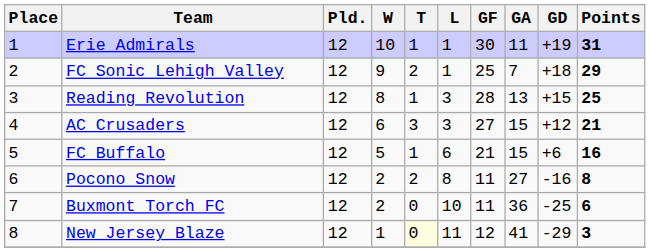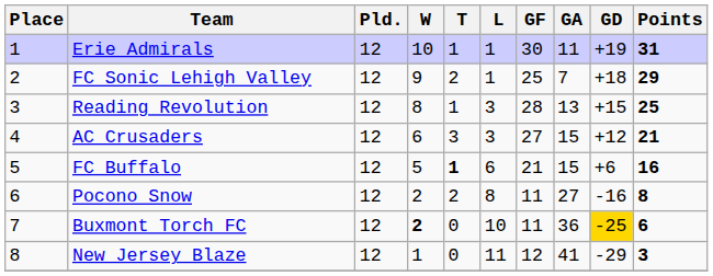 <table class="wikitable">
 <tr>
 <th>Place</th>
 <th width="200">Team</th>
 <th width="20">Pld.</th>
 <th width="20">W</th>
 <th width="20">T</th>
 <th width="20">L</th>
 <th width="20">GF</th>
 <th width="20">GA</th>
 <th width="25">GD</th>
 <th>Points</th>
 </tr>
 <tr bgcolor=#CCCCFF>
 <td>1</td>
 <td><a href='#'>Erie Admirals</a></td>
 <td>12</td>
 <td>10</td>
 <td>1</td>
 <td>1</td>
 <td>30</td>
 <td>11</td>
 <td>+19</td>
 <td><strong>31</strong></td>
 </tr>
 <tr>
 <td>2</td>
 <td><a href='#'>FC Sonic Lehigh Valley</a></td>
 <td>12</td>
 <td>9</td>
 <td>2</td>
 <td>1</td>
 <td>25</td>
 <td>7</td>
 <td>+18</td>
 <td><strong>29</strong></td>
 </tr>
 <tr>
 <td>3</td>
 <td><a href='#'>Reading Revolution</a></td>
 <td>12</td>
 <td>8</td>
 <td>1</td>
 <td>3</td>
 <td>28</td>
 <td>13</td>
 <td>+15</td>
 <td><strong>25</strong></td>
 </tr>
 <tr>
 <td>4</td>
 <td><a href='#'>AC Crusaders</a></td>
 <td>12</td>
 <td>6</td>
 <td>3</td>
 <td>3</td>
 <td>27</td>
 <td>15</td>
 <td>+12</td>
 <td><strong>21</strong></td>
 </tr>
 <tr>
 <td>5</td>
 <td><a href='#'>FC Buffalo</a></td>
 <td>12</td>
 <td>5</td>
-<td>1</td>
+<td><strong>1</strong></td>
 <td>6</td>
 <td>21</td>
 <td>15</td>
 <td>+6</td>
 <td><strong>16</strong></td>
 </tr>
 <tr>
 <td>6</td>
 <td><a href='#'>Pocono Snow</a></td>
 <td>12</td>
 <td>2</td>
 <td>2</td>
 <td>8</td>
 <td>11</td>
 <td>27</td>
 <td>-16</td>
 <td><strong>8</strong></td>
 </tr>
 <tr>
 <td>7</td>
 <td><a href='#'>Buxmont Torch FC</a></td>
 <td>12</td>
-<td>2</td>
+<td><strong>2</strong></td>
 <td>0</td>
 <td>10</td>
 <td>11</td>
 <td>36</td>
-<td>-25</td>
+<td style="background: gold;">-25</td>
 <td><strong>6</strong></td>
 </tr>
 <tr>
 <td>8</td>
 <td><a href='#'>New Jersey Blaze</a></td>
 <td>12</td>
 <td>1</td>
-<td style="background: lightyellow;">0</td>
+<td>0</td>
 <td>11</td>
 <td>12</td>
 <td>41</td>
 <td>-29</td>
 <td><strong>3</strong></td>
 </tr>
 <tr>
 </tr>
 </table>
